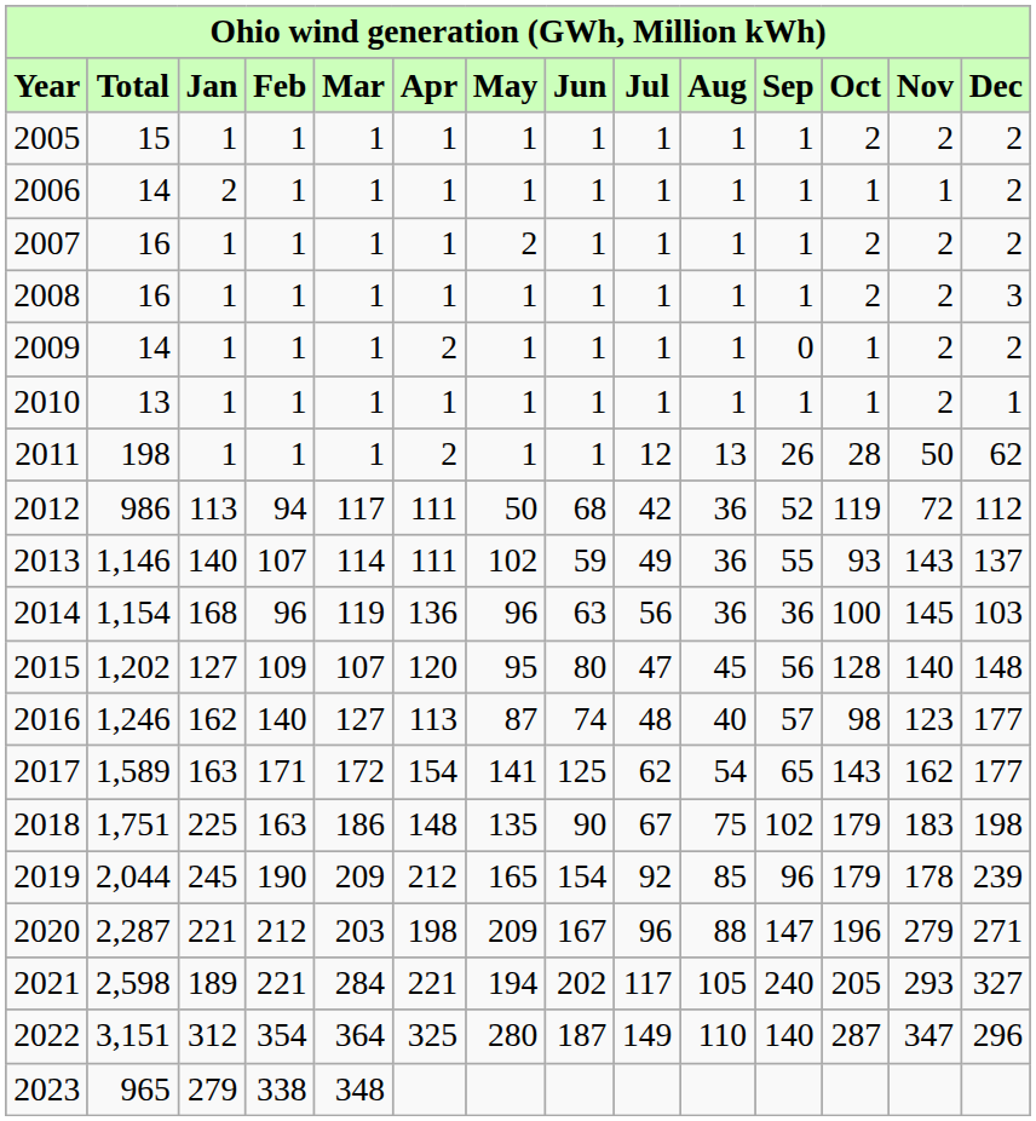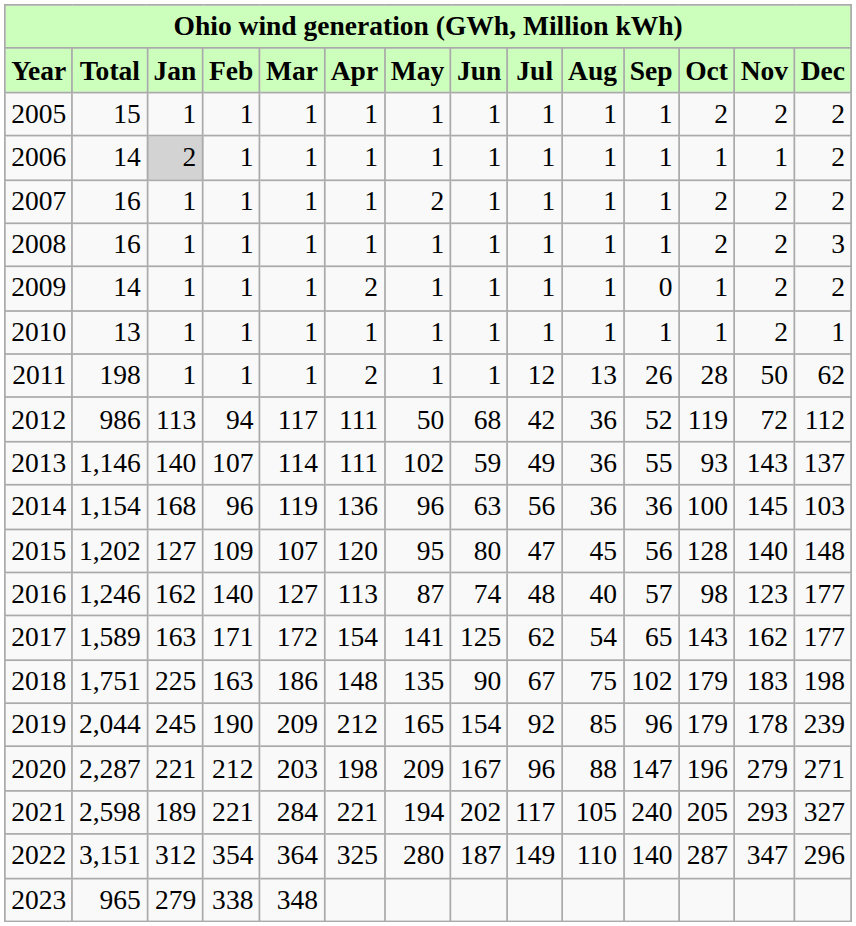 <table class="wikitable" style="text-align:right;">
 <tr>
 <th colspan="14" style="background:#cfb;">Ohio wind generation (GWh, Million kWh)</th>
 </tr>
 <tr>
 <th style="background:#cfb;">Year</th>
 <th style="background:#cfb;">Total</th>
 <th style="background:#cfb;">Jan</th>
 <th style="background:#cfb;">Feb</th>
 <th style="background:#cfb;">Mar</th>
 <th style="background:#cfb;">Apr</th>
 <th style="background:#cfb;">May</th>
 <th style="background:#cfb;">Jun</th>
 <th style="background:#cfb;">Jul</th>
 <th style="background:#cfb;">Aug</th>
 <th style="background:#cfb;">Sep</th>
 <th style="background:#cfb;">Oct</th>
 <th style="background:#cfb;">Nov</th>
 <th style="background:#cfb;">Dec</th>
 </tr>
 <tr align=right>
 <td>2005</td>
 <td>15</td>
 <td>1</td>
 <td>1</td>
 <td>1</td>
 <td>1</td>
 <td>1</td>
 <td>1</td>
 <td>1</td>
 <td>1</td>
 <td>1</td>
 <td>2</td>
 <td>2</td>
 <td>2</td>
 </tr>
 <tr align=right>
 <td>2006</td>
 <td>14</td>
-<td>2</td>
+<td style="background: lightgrey;">2</td>
 <td>1</td>
 <td>1</td>
 <td>1</td>
 <td>1</td>
 <td>1</td>
 <td>1</td>
 <td>1</td>
 <td>1</td>
 <td>1</td>
 <td>1</td>
 <td>2</td>
 </tr>
 <tr align=right>
 <td>2007</td>
 <td>16</td>
 <td>1</td>
 <td>1</td>
 <td>1</td>
 <td>1</td>
 <td>2</td>
 <td>1</td>
 <td>1</td>
 <td>1</td>
 <td>1</td>
 <td>2</td>
 <td>2</td>
 <td>2</td>
 </tr>
 <tr align=right>
 <td>2008</td>
 <td>16</td>
 <td>1</td>
 <td>1</td>
 <td>1</td>
 <td>1</td>
 <td>1</td>
 <td>1</td>
 <td>1</td>
 <td>1</td>
 <td>1</td>
 <td>2</td>
 <td>2</td>
 <td>3</td>
 </tr>
 <tr align=right>
 <td>2009</td>
 <td>14</td>
 <td>1</td>
 <td>1</td>
 <td>1</td>
 <td>2</td>
 <td>1</td>
 <td>1</td>
 <td>1</td>
 <td>1</td>
 <td>0</td>
 <td>1</td>
 <td>2</td>
 <td>2</td>
 </tr>
 <tr align=right>
 <td>2010</td>
 <td>13</td>
 <td>1</td>
 <td>1</td>
 <td>1</td>
 <td>1</td>
 <td>1</td>
 <td>1</td>
 <td>1</td>
 <td>1</td>
 <td>1</td>
 <td>1</td>
 <td>2</td>
 <td>1</td>
 </tr>
 <tr align=right>
 <td>2011</td>
 <td>198</td>
 <td>1</td>
 <td>1</td>
 <td>1</td>
 <td>2</td>
 <td>1</td>
 <td>1</td>
 <td>12</td>
 <td>13</td>
 <td>26</td>
 <td>28</td>
 <td>50</td>
 <td>62</td>
 </tr>
 <tr align=right>
 <td>2012</td>
 <td>986</td>
 <td>113</td>
 <td>94</td>
 <td>117</td>
 <td>111</td>
 <td>50</td>
 <td>68</td>
 <td>42</td>
 <td>36</td>
 <td>52</td>
 <td>119</td>
 <td>72</td>
 <td>112</td>
 </tr>
 <tr align=right>
 <td>2013</td>
 <td>1,146</td>
 <td>140</td>
 <td>107</td>
 <td>114</td>
 <td>111</td>
 <td>102</td>
 <td>59</td>
 <td>49</td>
 <td>36</td>
 <td>55</td>
 <td>93</td>
 <td>143</td>
 <td>137</td>
 </tr>
 <tr align=right>
 <td>2014</td>
 <td>1,154</td>
 <td>168</td>
 <td>96</td>
 <td>119</td>
 <td>136</td>
 <td>96</td>
 <td>63</td>
 <td>56</td>
 <td>36</td>
 <td>36</td>
 <td>100</td>
 <td>145</td>
 <td>103</td>
 </tr>
 <tr align=right>
 <td>2015</td>
 <td>1,202</td>
 <td>127</td>
 <td>109</td>
 <td>107</td>
 <td>120</td>
 <td>95</td>
 <td>80</td>
 <td>47</td>
 <td>45</td>
 <td>56</td>
 <td>128</td>
 <td>140</td>
 <td>148</td>
 </tr>
 <tr align=right>
 <td>2016</td>
 <td>1,246</td>
 <td>162</td>
 <td>140</td>
 <td>127</td>
 <td>113</td>
 <td>87</td>
 <td>74</td>
 <td>48</td>
 <td>40</td>
 <td>57</td>
 <td>98</td>
 <td>123</td>
 <td>177</td>
 </tr>
 <tr align=right>
 <td>2017</td>
 <td>1,589</td>
 <td>163</td>
 <td>171</td>
 <td>172</td>
 <td>154</td>
 <td>141</td>
 <td>125</td>
 <td>62</td>
 <td>54</td>
 <td>65</td>
 <td>143</td>
 <td>162</td>
 <td>177</td>
 </tr>
 <tr align=right>
 <td>2018</td>
 <td>1,751</td>
 <td>225</td>
 <td>163</td>
 <td>186</td>
 <td>148</td>
 <td>135</td>
 <td>90</td>
 <td>67</td>
 <td>75</td>
 <td>102</td>
 <td>179</td>
 <td>183</td>
 <td>198</td>
 </tr>
 <tr align=right>
 <td>2019</td>
 <td>2,044</td>
 <td>245</td>
 <td>190</td>
 <td>209</td>
 <td>212</td>
 <td>165</td>
 <td>154</td>
 <td>92</td>
 <td>85</td>
 <td>96</td>
 <td>179</td>
 <td>178</td>
 <td>239</td>
 </tr>
 <tr align=right>
 <td>2020</td>
 <td>2,287</td>
 <td>221</td>
 <td>212</td>
 <td>203</td>
 <td>198</td>
 <td>209</td>
 <td>167</td>
 <td>96</td>
 <td>88</td>
 <td>147</td>
 <td>196</td>
 <td>279</td>
 <td>271</td>
 </tr>
 <tr align=right>
 <td>2021</td>
 <td>2,598</td>
 <td>189</td>
 <td>221</td>
 <td>284</td>
 <td>221</td>
 <td>194</td>
 <td>202</td>
 <td>117</td>
 <td>105</td>
 <td>240</td>
 <td>205</td>
 <td>293</td>
 <td>327</td>
 </tr>
 <tr align=right>
 <td>2022</td>
 <td>3,151</td>
 <td>312</td>
 <td>354</td>
 <td>364</td>
 <td>325</td>
 <td>280</td>
 <td>187</td>
 <td>149</td>
 <td>110</td>
 <td>140</td>
 <td>287</td>
 <td>347</td>
 <td>296</td>
 </tr>
 <tr align=right>
 <td>2023</td>
 <td>965</td>
 <td>279</td>
 <td>338</td>
 <td>348</td>
 <td></td>
 <td></td>
 <td></td>
 <td></td>
 <td></td>
 <td></td>
 <td></td>
 <td></td>
 <td></td>
 </tr>
 <tr align=right>
 </tr>
 </table>
